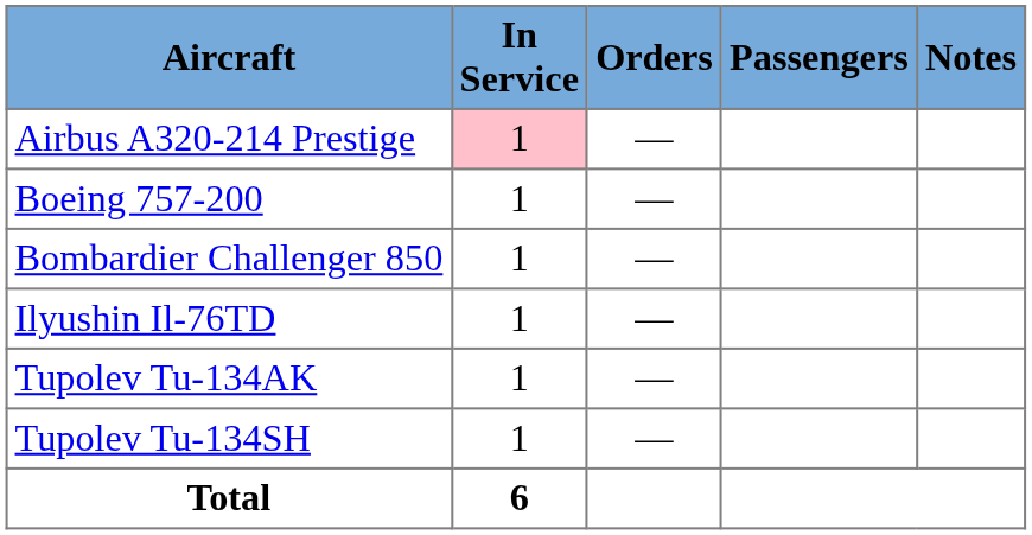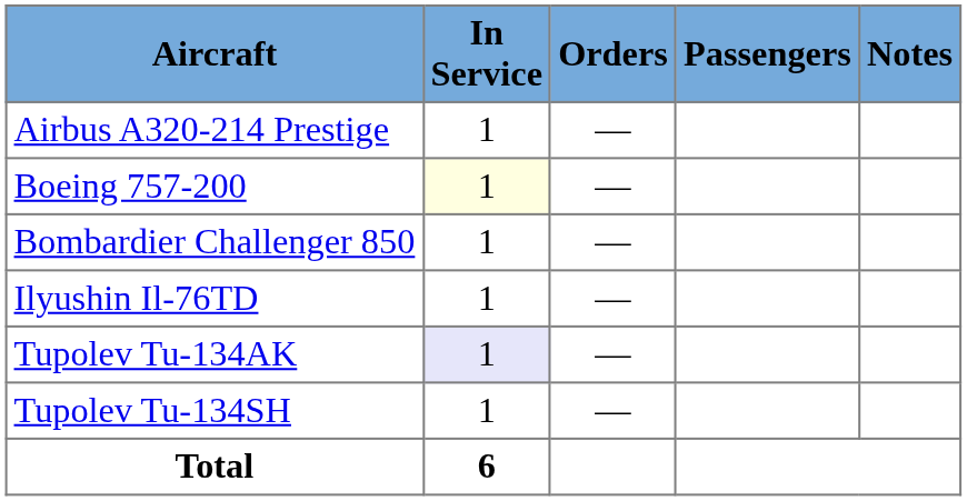 <table class="toccolours" border="1" cellpadding="3" style="margin:1em auto; border-collapse:collapse">
 <tr bgcolor=#75aadb>
 <th>Aircraft</th>
 <th>In<br>Service</th>
 <th>Orders</th>
 <th>Passengers</th>
 <th>Notes</th>
 </tr>
 <tr>
 <td><a href='#'>Airbus A320-214 Prestige</a></td>
-<td align="center" style="background: pink;">1</td>
+<td align="center">1</td>
 <td align="center">—</td>
 <td align="center"></td>
 <td></td>
 </tr>
 <tr>
 <td><a href='#'>Boeing 757-200</a></td>
-<td align="center">1</td>
+<td align="center" style="background: lightyellow;">1</td>
 <td align="center">—</td>
 <td align="center"></td>
 <td></td>
 </tr>
 <tr>
 <td><a href='#'>Bombardier Challenger 850</a></td>
 <td align="center">1</td>
 <td align="center">—</td>
 <td align="center"></td>
 <td></td>
 </tr>
 <tr>
 <td><a href='#'>Ilyushin Il-76TD</a></td>
 <td align="center">1</td>
 <td align="center">—</td>
 <td align="center"></td>
 <td></td>
 </tr>
 <tr>
 <td><a href='#'>Tupolev Tu-134AK</a></td>
-<td align="center">1</td>
+<td align="center" style="background: lavender;">1</td>
 <td align="center">—</td>
 <td align="center"></td>
 <td></td>
 </tr>
 <tr>
 <td><a href='#'>Tupolev Tu-134SH</a></td>
 <td align="center">1</td>
 <td align="center">—</td>
 <td align="center"></td>
 <td></td>
 </tr>
 <tr>
 <th>Total</th>
 <th>6</th>
 <th></th>
 <th colspan="2"></th>
 </tr>
 </table>
